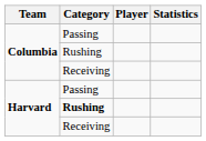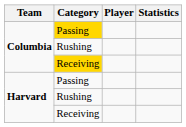 <table class="wikitable" style="float: right;">
 <tr>
 <th>Team</th>
 <th>Category</th>
 <th>Player</th>
 <th>Statistics</th>
 </tr>
 <tr>
 <td rowspan=3><strong>Columbia</strong></td>
+<td style="background: gold;">Passing</td>
+<td></td>
+<td></td>
+</tr>
+<tr>
+<td>Rushing</td>
+<td></td>
+<td></td>
+</tr>
+<tr>
+<td style="background: gold;">Receiving</td>
+<td></td>
+<td></td>
+</tr>
+<tr>
+<td rowspan=3><strong>Harvard</strong></td>
 <td>Passing</td>
 <td></td>
 <td></td>
 </tr>
 <tr>
 <td>Rushing</td>
 <td></td>
 <td></td>
 </tr>
 <tr>
 <td>Receiving</td>
 <td></td>
 <td></td>
 </tr>
-<tr>
-<td rowspan=3><strong>Harvard</strong></td>
-<td>Passing</td>
-<td></td>
-<td></td>
-</tr>
-<tr>
-<td><strong>Rushing</strong></td>
-<td></td>
-<td></td>
-</tr>
-<tr>
-<td>Receiving</td>
-<td></td>
-<td></td>
-</tr>
 </table>
